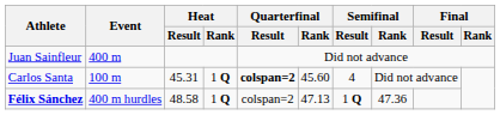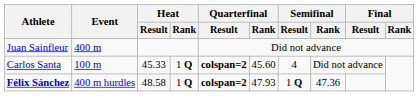 <table class=wikitable style="font-size:90%">
 <tr>
 <th rowspan="2">Athlete</th>
 <th rowspan="2">Event</th>
 <th colspan="2">Heat</th>
 <th colspan="2">Quarterfinal</th>
 <th colspan="2">Semifinal</th>
 <th colspan="2">Final</th>
 </tr>
 <tr style="font-size:95%">
 <th>Result</th>
 <th>Rank</th>
 <th>Result</th>
 <th>Rank</th>
 <th>Result</th>
 <th>Rank</th>
 <th>Result</th>
 <th>Rank</th>
 </tr>
 <tr align=center>
 <td align=left><a href='#'>Juan Sainfleur</a></td>
 <td align=left><a href='#'>400 m</a></td>
 <td colspan=2></td>
 <td colspan=6>Did not advance</td>
 </tr>
 <tr align=center>
 <td align=left><a href='#'>Carlos Santa</a></td>
 <td align=left><a href='#'>100 m</a></td>
-<td>45.31</td>
+<td>45.33</td>
 <td>1 <strong>Q</strong></td>
 <td><strong>colspan=2 </strong></td>
 <td>45.60</td>
 <td>4</td>
 <td colspan=2>Did not advance</td>
 </tr>
 <tr align=center>
 <td align=left><strong><a href='#'>Félix Sánchez</a></strong></td>
 <td align=left><a href='#'>400 m hurdles</a></td>
 <td>48.58</td>
 <td>1 <strong>Q</strong></td>
-<td>colspan=2 </td>
-<td>47.13</td>
+<td><strong>colspan=2 </strong></td>
+<td>47.93</td>
 <td>1 <strong>Q</strong></td>
 <td>47.36</td>
 <td></td>
 </tr>
 </table>
